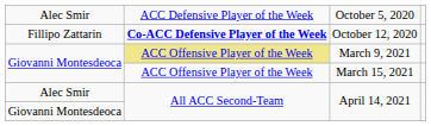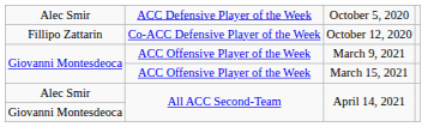 <table class="wikitable sortable" style="text-align: center">
 <tr>
 <td>Alec Smir</td>
 <td><a href='#'>ACC Defensive Player of the Week</a></td>
 <td>October 5, 2020</td>
 <td></td>
 </tr>
 <tr>
 <td>Fillipo Zattarin</td>
-<td><strong><a href='#'>Co-ACC Defensive Player of the Week</a></strong></td>
+<td><a href='#'>Co-ACC Defensive Player of the Week</a></td>
 <td>October 12, 2020</td>
 <td></td>
 </tr>
 <tr>
 <td rowspan=2><a href='#'>Giovanni Montesdeoca</a></td>
-<td style="background: khaki;"><a href='#'>ACC Offensive Player of the Week</a></td>
+<td><a href='#'>ACC Offensive Player of the Week</a></td>
 <td>March 9, 2021</td>
 <td></td>
 </tr>
 <tr>
 <td><a href='#'>ACC Offensive Player of the Week</a></td>
 <td>March 15, 2021</td>
 <td></td>
 </tr>
 <tr>
 <td>Alec Smir</td>
 <td rowspan=2><a href='#'>All ACC Second-Team</a></td>
 <td rowspan=2>April 14, 2021</td>
 <td rowspan=2></td>
 </tr>
 <tr>
 <td>Giovanni Montesdeoca</td>
 </tr>
 </table>
